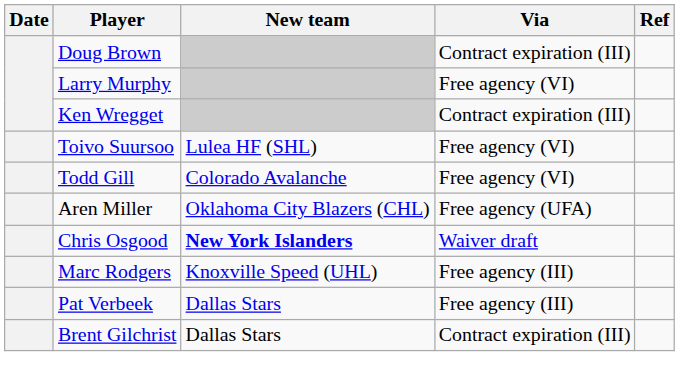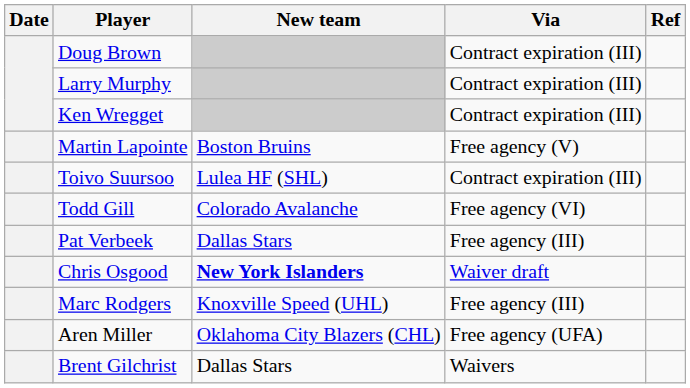 <table class="wikitable plainrowheaders">
 <tr style="background:#ddd; text-align:center;">
 <th>Date</th>
 <th>Player</th>
 <th>New team</th>
 <th>Via</th>
 <th>Ref</th>
 </tr>
 <tr>
 <th scope="row" rowspan=3></th>
 <td><a href='#'>Doug Brown</a></td>
 <td style="background:#ccc"></td>
 <td>Contract expiration (III)</td>
 <td></td>
 </tr>
 <tr>
 <td><a href='#'>Larry Murphy</a></td>
 <td style="background:#ccc"></td>
-<td>Free agency (VI)</td>
+<td>Contract expiration (III)</td>
 <td></td>
 </tr>
 <tr>
 <td><a href='#'>Ken Wregget</a></td>
 <td style="background:#ccc"></td>
 <td>Contract expiration (III)</td>
 <td></td>
 </tr>
 <tr>
 <th scope="row"></th>
+<td><a href='#'>Martin Lapointe</a></td>
+<td><a href='#'>Boston Bruins</a></td>
+<td>Free agency (V)</td>
+<td></td>
+</tr>
+<tr>
+<th scope="row"></th>
 <td><a href='#'>Toivo Suursoo</a></td>
 <td><a href='#'>Lulea HF</a> (<a href='#'>SHL</a>)</td>
-<td>Free agency (VI)</td>
+<td>Contract expiration (III)</td>
 <td></td>
 </tr>
 <tr>
 <th scope="row"></th>
 <td><a href='#'>Todd Gill</a></td>
 <td><a href='#'>Colorado Avalanche</a></td>
 <td>Free agency (VI)</td>
 <td></td>
 </tr>
 <tr>
 <th scope="row"></th>
-<td>Aren Miller</td>
-<td><a href='#'>Oklahoma City Blazers</a> (<a href='#'>CHL</a>)</td>
-<td>Free agency (UFA)</td>
+<td><a href='#'>Pat Verbeek</a></td>
+<td><a href='#'>Dallas Stars</a></td>
+<td>Free agency (III)</td>
 <td></td>
 </tr>
 <tr>
 <th scope="row"></th>
 <td><a href='#'>Chris Osgood</a></td>
 <td><strong><a href='#'>New York Islanders</a></strong></td>
 <td><a href='#'>Waiver draft</a></td>
 <td></td>
 </tr>
 <tr>
 <th scope="row"></th>
 <td><a href='#'>Marc Rodgers</a></td>
 <td><a href='#'>Knoxville Speed</a> (<a href='#'>UHL</a>)</td>
 <td>Free agency (III)</td>
 <td></td>
 </tr>
 <tr>
 <th scope="row"></th>
-<td><a href='#'>Pat Verbeek</a></td>
-<td><a href='#'>Dallas Stars</a></td>
-<td>Free agency (III)</td>
+<td>Aren Miller</td>
+<td><a href='#'>Oklahoma City Blazers</a> (<a href='#'>CHL</a>)</td>
+<td>Free agency (UFA)</td>
 <td></td>
 </tr>
 <tr>
 <th scope="row"></th>
 <td><a href='#'>Brent Gilchrist</a></td>
 <td>Dallas Stars</td>
-<td>Contract expiration (III)</td>
+<td>Waivers</td>
 <td></td>
 </tr>
 </table>
